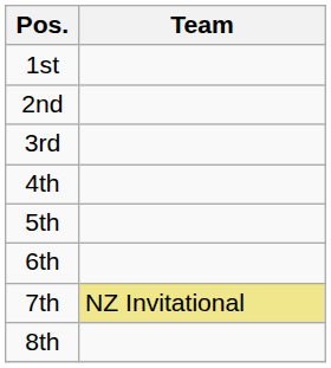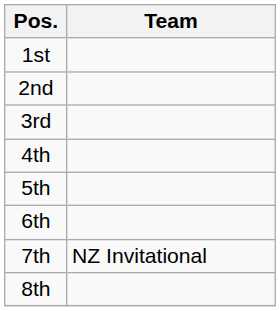 <table class="wikitable" style="text-align: center;">
 <tr>
 <th width=40>Pos.</th>
 <th width=150>Team</th>
 </tr>
 <tr>
 <td>1st</td>
 <td align=left></td>
 </tr>
 <tr>
 <td>2nd</td>
 <td align=left></td>
 </tr>
 <tr>
 <td>3rd</td>
 <td align=left></td>
 </tr>
 <tr>
 <td>4th</td>
 <td align=left></td>
 </tr>
 <tr>
 <td>5th</td>
 <td align=left></td>
 </tr>
 <tr>
 <td>6th</td>
 <td align=left></td>
 </tr>
 <tr>
 <td>7th</td>
-<td align=left style="background: khaki;"> NZ Invitational</td>
+<td align=left> NZ Invitational</td>
 </tr>
 <tr>
 <td>8th</td>
 <td align=left></td>
 </tr>
 <tr>
 </tr>
 </table>
